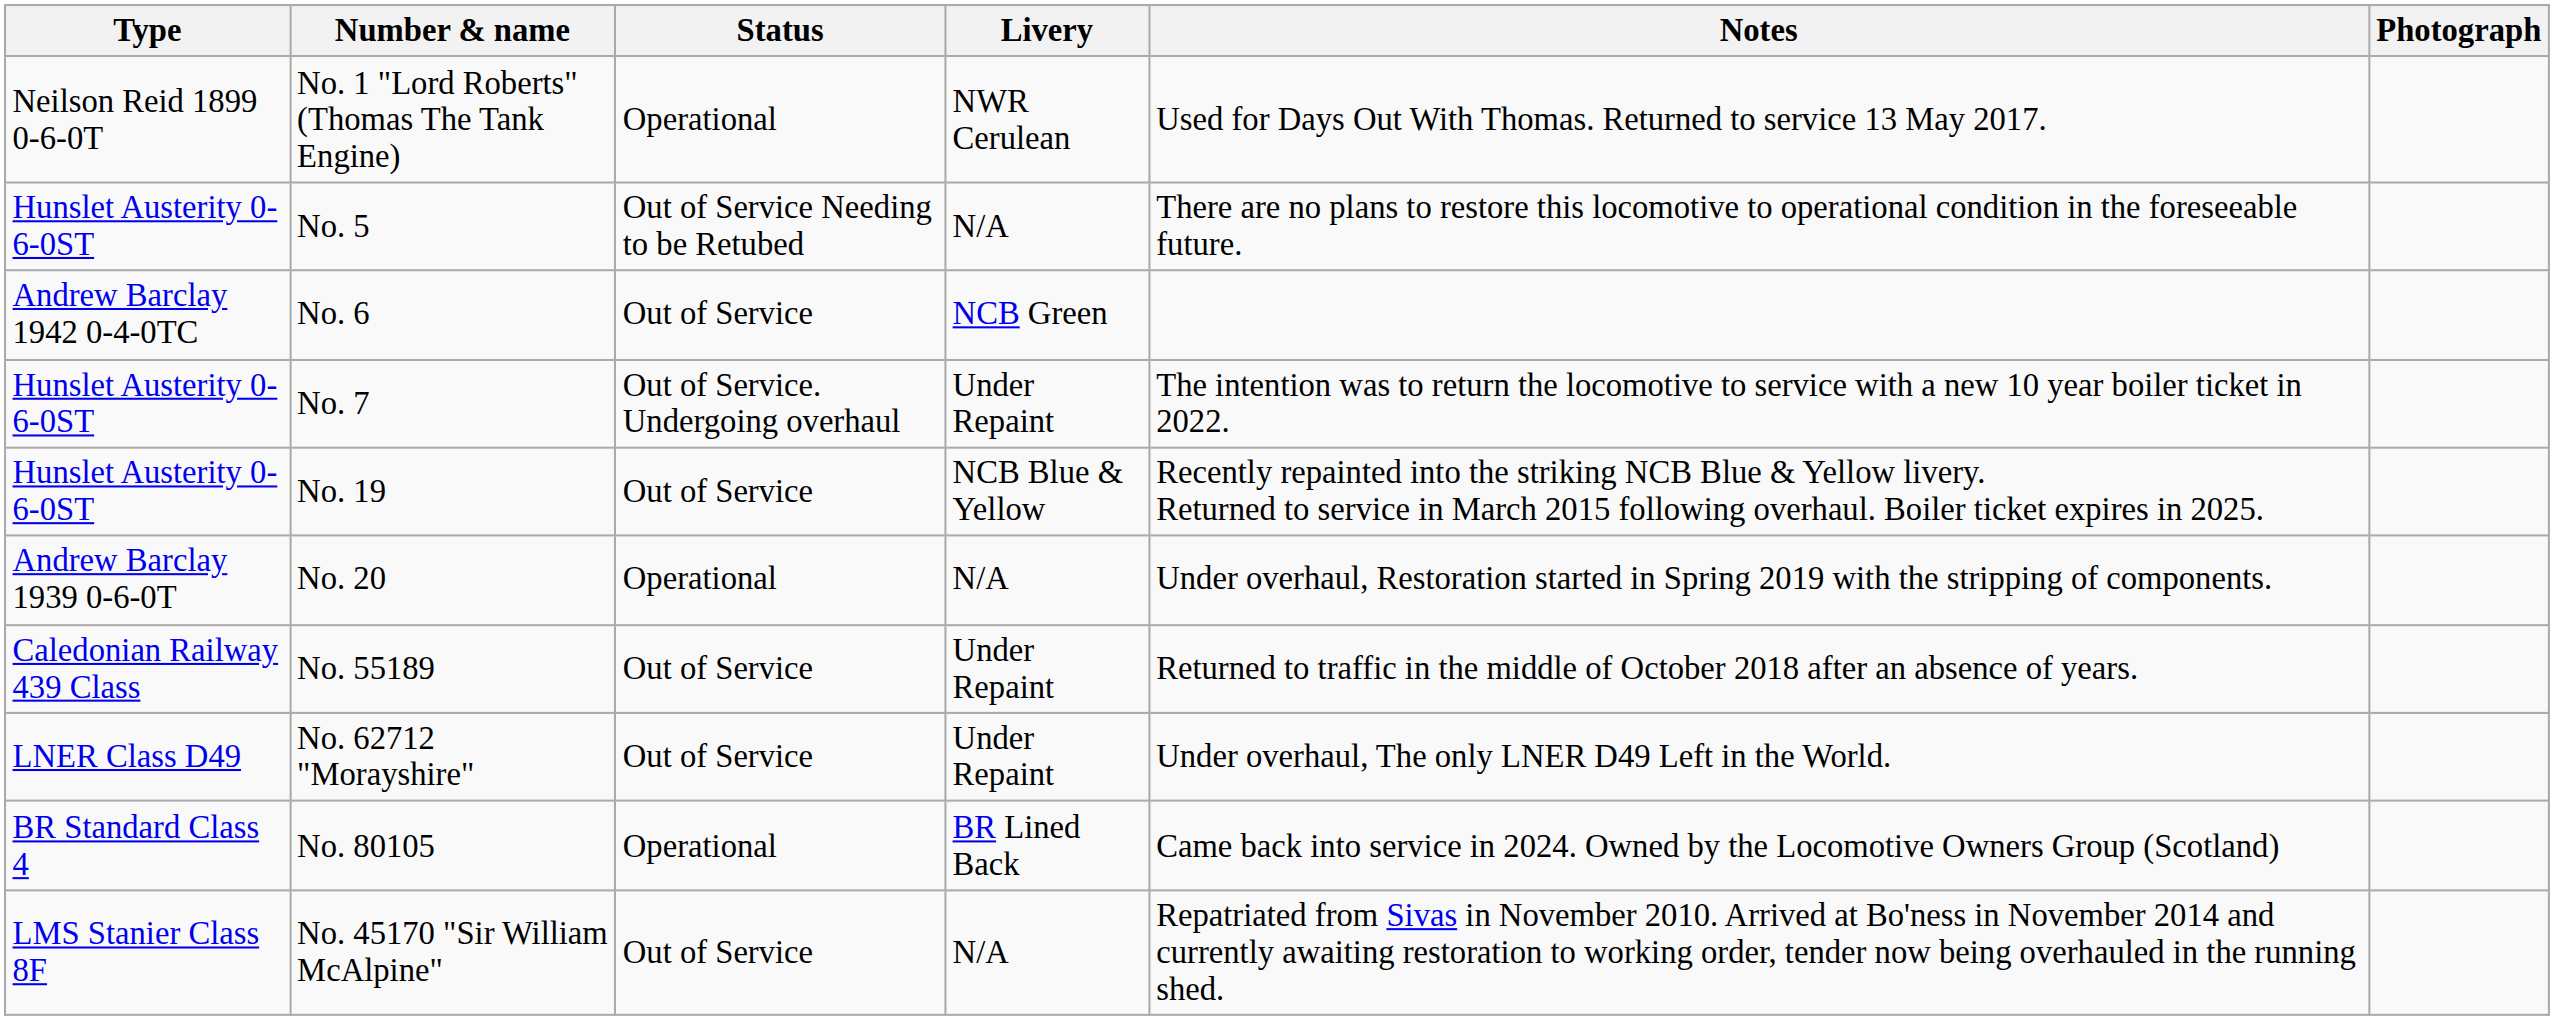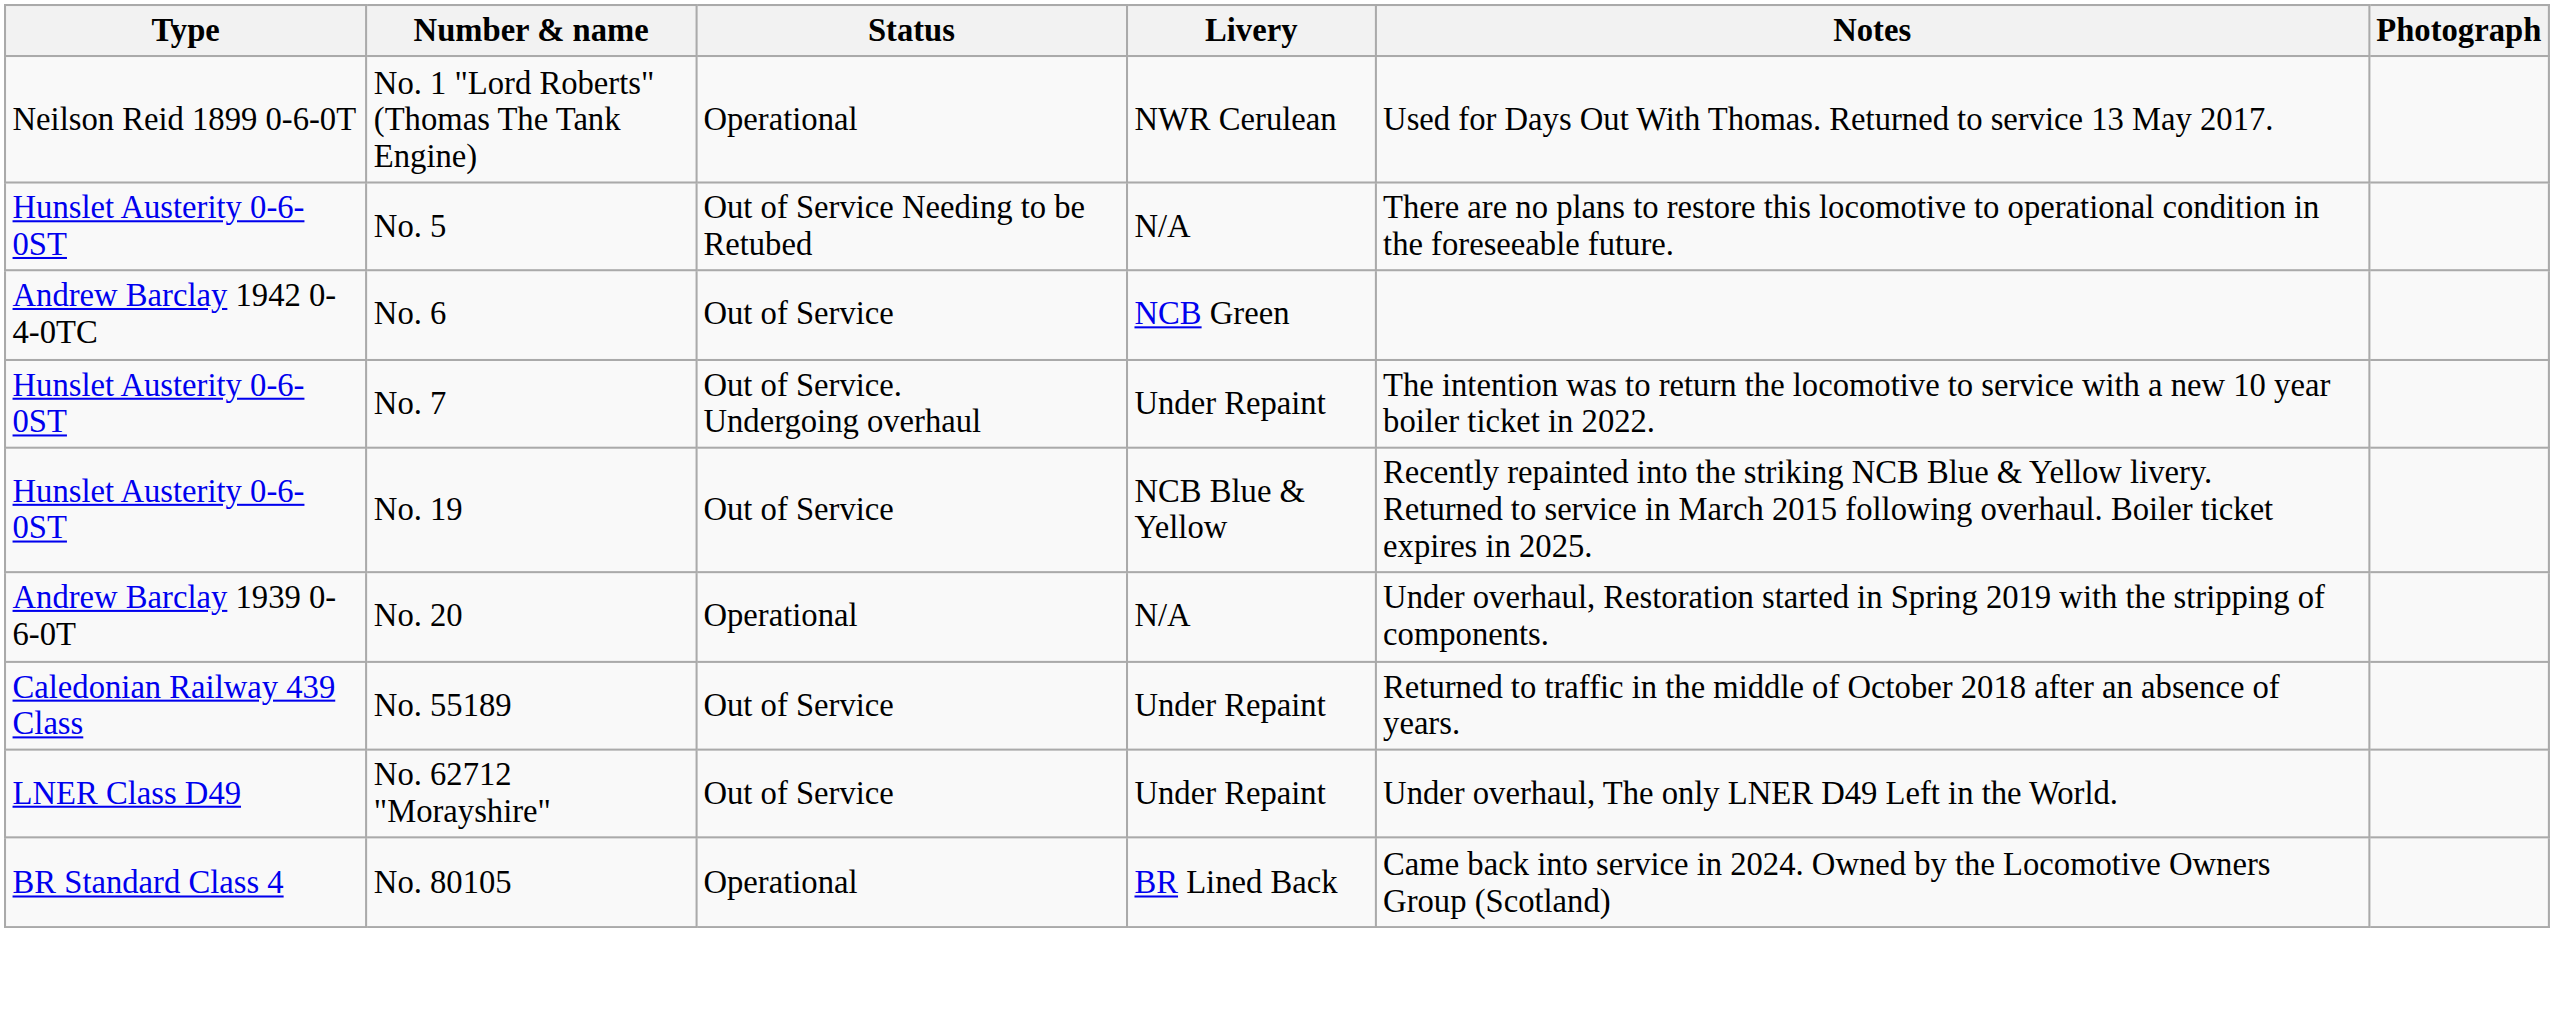 <table class="wikitable">
 <tr>
 <th>Type</th>
 <th>Number & name</th>
 <th>Status</th>
 <th>Livery</th>
 <th>Notes</th>
 <th>Photograph</th>
 </tr>
 <tr>
 <td>Neilson Reid 1899 0-6-0T </td>
 <td>No. 1 "Lord Roberts"<br>(Thomas The Tank Engine)</td>
 <td>Operational</td>
 <td>NWR Cerulean</td>
 <td>Used for Days Out With Thomas. Returned to service 13 May 2017.</td>
 <td></td>
 </tr>
 <tr>
 <td><a href='#'>Hunslet Austerity 0-6-0ST</a></td>
 <td>No. 5</td>
 <td>Out of Service Needing to be Retubed</td>
 <td>N/A</td>
 <td>There are no plans to restore this locomotive to operational condition in the foreseeable future.</td>
 <td></td>
 </tr>
 <tr>
 <td><a href='#'>Andrew Barclay</a> 1942 0-4-0TC</td>
 <td>No. 6</td>
 <td>Out of Service</td>
 <td><a href='#'>NCB</a> Green</td>
 <td></td>
 <td></td>
 </tr>
 <tr>
 <td><a href='#'>Hunslet Austerity 0-6-0ST</a></td>
 <td>No. 7</td>
 <td>Out of Service.<br>Undergoing overhaul</td>
 <td>Under Repaint</td>
 <td>The intention was to return the locomotive to service with a new 10 year boiler ticket in 2022.</td>
 <td></td>
 </tr>
 <tr>
 <td><a href='#'>Hunslet Austerity 0-6-0ST</a></td>
 <td>No. 19</td>
 <td>Out of Service</td>
 <td>NCB Blue & Yellow</td>
 <td>Recently repainted into the striking NCB Blue & Yellow livery.<br>Returned to service in March 2015 following overhaul.  Boiler ticket expires in 2025.</td>
 <td></td>
 </tr>
 <tr>
 <td><a href='#'>Andrew Barclay</a> 1939 0-6-0T</td>
 <td>No. 20</td>
 <td>Operational</td>
 <td>N/A</td>
 <td>Under overhaul, Restoration started in Spring 2019 with the stripping of components.</td>
 <td></td>
 </tr>
 <tr>
 <td><a href='#'>Caledonian Railway 439 Class</a>  </td>
 <td>No. 55189 </td>
 <td>Out of Service</td>
 <td>Under Repaint</td>
 <td>Returned to traffic in the middle of October 2018 after an absence of  years.</td>
 <td></td>
 </tr>
 <tr>
 <td><a href='#'>LNER Class D49</a>  </td>
 <td>No. 62712 "Morayshire" </td>
 <td>Out of Service</td>
 <td>Under Repaint</td>
 <td>Under overhaul, The only LNER D49 Left in the World.</td>
 <td></td>
 </tr>
 <tr>
 <td><a href='#'>BR Standard Class 4</a>  </td>
 <td>No. 80105<br></td>
 <td>Operational</td>
 <td><a href='#'>BR</a> Lined Back</td>
 <td>Came back into service in 2024. Owned by the Locomotive Owners Group (Scotland)</td>
 <td></td>
 </tr>
-<tr>
-<td><a href='#'>LMS Stanier Class 8F</a>  </td>
-<td>No. 45170 "Sir William McAlpine"<br></td>
-<td>Out of Service</td>
-<td>N/A</td>
-<td>Repatriated from <a href='#'>Sivas</a> in November 2010. Arrived at Bo'ness in November 2014 and currently awaiting restoration to working order, tender now being overhauled in the running shed.</td>
-<td></td>
-</tr>
 </table>
